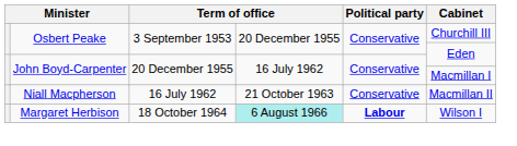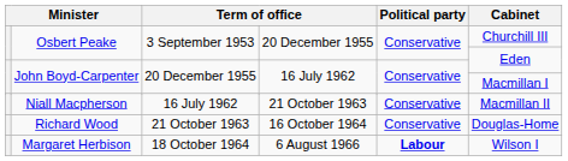 <table class="wikitable" style="text-align:center">
 <tr>
 <th colspan=2>Minister</th>
 <th colspan=2>Term of office</th>
 <th>Political party</th>
 <th>Cabinet</th>
 </tr>
 <tr style="height:1em">
 <th rowspan=2 style="background-color:"></th>
 <td rowspan=2><a href='#'>Osbert Peake</a></td>
 <td rowspan=2>3 September 1953</td>
 <td rowspan=2>20 December 1955</td>
 <td rowspan=2  ><a href='#'>Conservative</a></td>
 <td><a href='#'>Churchill III</a></td>
 </tr>
 <tr style="height:1em">
 <td rowspan="2" ><a href='#'>Eden</a></td>
 </tr>
 <tr style="height:1em">
 <th rowspan="3" style="background-color:"></th>
 <td rowspan="3"><a href='#'>John Boyd-Carpenter</a></td>
 <td rowspan="3">20 December 1955</td>
 <td rowspan="3">16 July 1962</td>
 <td rowspan="3" ><a href='#'>Conservative</a></td>
 </tr>
 <tr style="height:1em">
 <td><a href='#'>Macmillan I</a></td>
 </tr>
 <tr>
 <td rowspan="2" ><a href='#'>Macmillan II</a></td>
 </tr>
 <tr style="height:1em">
 <th style="background-color:"></th>
 <td><a href='#'>Niall Macpherson</a></td>
 <td>16 July 1962</td>
 <td>21 October 1963</td>
 <td><a href='#'>Conservative</a></td>
 </tr>
 <tr style="height:1em">
 <th style="background-color:"></th>
+<td><a href='#'>Richard Wood</a></td>
+<td>21 October 1963</td>
+<td>16 October 1964</td>
+<td><a href='#'>Conservative</a></td>
+<td><a href='#'>Douglas-Home</a></td>
+</tr>
+<tr style="height:1em">
+<th style="background-color:"></th>
 <td><a href='#'>Margaret Herbison</a></td>
 <td>18 October 1964</td>
-<td style="background: paleturquoise;">6 August 1966</td>
+<td>6 August 1966</td>
 <td><strong><a href='#'>Labour</a></strong></td>
 <td><a href='#'>Wilson I</a></td>
 </tr>
 </table>
